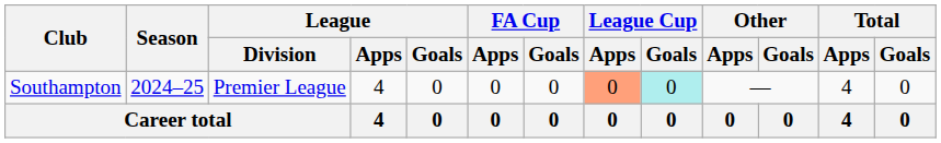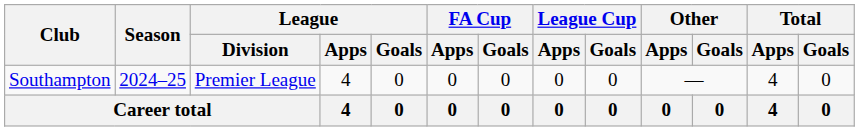 <table class="wikitable" style="text-align: center;">
 <tr>
 <th rowspan="2">Club</th>
 <th rowspan="2">Season</th>
 <th colspan="3">League</th>
 <th colspan="2"><a href='#'>FA Cup</a></th>
 <th colspan="2"><a href='#'>League Cup</a></th>
 <th colspan="2">Other</th>
 <th colspan="2">Total</th>
 </tr>
 <tr>
 <th>Division</th>
 <th>Apps</th>
 <th>Goals</th>
 <th>Apps</th>
 <th>Goals</th>
 <th>Apps</th>
 <th>Goals</th>
 <th>Apps</th>
 <th>Goals</th>
 <th>Apps</th>
 <th>Goals</th>
 </tr>
 <tr>
 <td><a href='#'>Southampton</a></td>
 <td><a href='#'>2024–25</a></td>
 <td><a href='#'>Premier League</a></td>
 <td>4</td>
 <td>0</td>
 <td>0</td>
 <td>0</td>
-<td style="background: lightsalmon;">0</td>
-<td style="background: paleturquoise;">0</td>
+<td>0</td>
+<td>0</td>
 <td colspan="2">—</td>
 <td>4</td>
 <td>0</td>
 </tr>
 <tr>
 <th colspan="3">Career total</th>
 <th>4</th>
 <th>0</th>
 <th>0</th>
 <th>0</th>
 <th>0</th>
 <th>0</th>
 <th>0</th>
 <th>0</th>
 <th>4</th>
 <th>0</th>
 </tr>
 </table>
